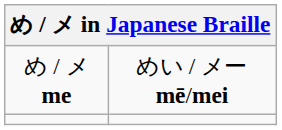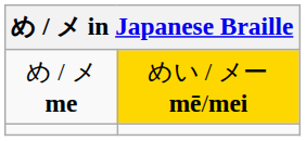 <table class="wikitable nowrap" style="text-align:center">
 <tr>
 <th colspan=2>め / メ in <a href='#'>Japanese Braille</a></th>
 </tr>
 <tr>
 <td>め / メ <br><strong>me</strong></td>
-<td>めい / メー <br><strong>mē</strong>/<strong>mei</strong></td>
+<td style="background: gold;">めい / メー <br><strong>mē</strong>/<strong>mei</strong></td>
 </tr>
 <tr>
 <td></td>
 <td></td>
 </tr>
 </table>
